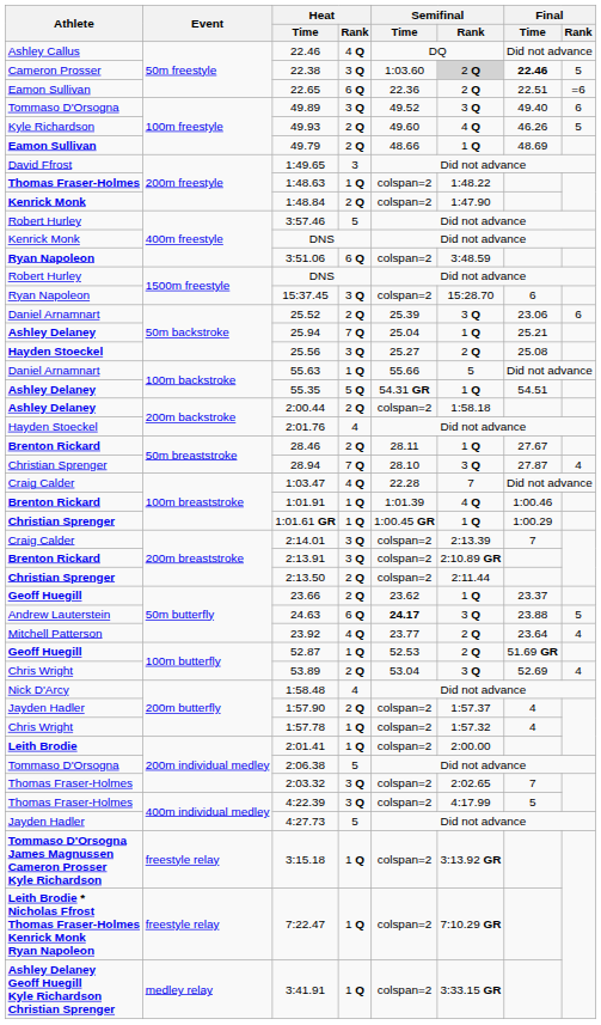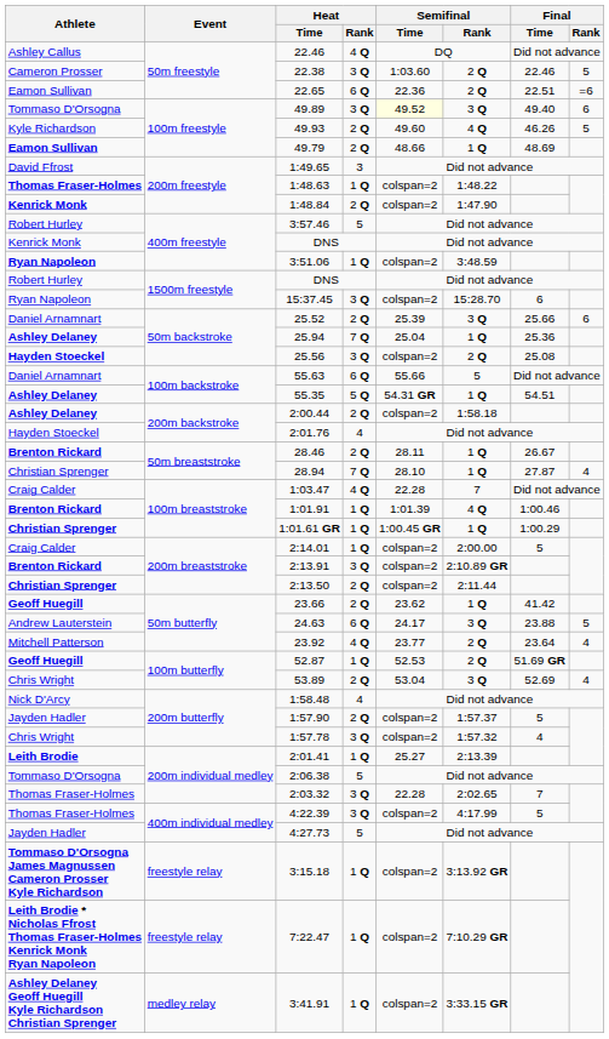 <table class=wikitable style="font-size:90%">
 <tr>
 <th rowspan="2">Athlete</th>
 <th rowspan="2">Event</th>
 <th colspan="2">Heat</th>
 <th colspan="2">Semifinal</th>
 <th colspan="2">Final</th>
 </tr>
 <tr style="font-size:95%">
 <th>Time</th>
 <th>Rank</th>
 <th>Time</th>
 <th>Rank</th>
 <th>Time</th>
 <th>Rank</th>
 </tr>
 <tr align=center>
 <td align=left><a href='#'>Ashley Callus</a></td>
 <td align=left rowspan=3><a href='#'>50m freestyle</a></td>
 <td>22.46</td>
 <td>4 <strong>Q</strong></td>
 <td colspan=2>DQ</td>
 <td colspan=2>Did not advance</td>
 </tr>
 <tr align=center>
 <td align=left><a href='#'>Cameron Prosser</a></td>
 <td>22.38</td>
 <td>3 <strong>Q</strong></td>
 <td>1:03.60</td>
-<td style="background: lightgrey;">2 <strong>Q</strong></td>
-<td><strong>22.46</strong></td>
+<td>2 <strong>Q</strong></td>
+<td>22.46</td>
 <td>5</td>
 </tr>
 <tr align=center>
 <td align=left><a href='#'>Eamon Sullivan</a></td>
 <td>22.65</td>
 <td>6 <strong>Q</strong></td>
 <td>22.36</td>
 <td>2 <strong>Q</strong></td>
 <td>22.51</td>
 <td>=6</td>
 </tr>
 <tr align=center>
 <td align=left><a href='#'>Tommaso D'Orsogna</a></td>
 <td align=left rowspan=3><a href='#'>100m freestyle</a></td>
 <td>49.89</td>
 <td>3 <strong>Q</strong></td>
-<td>49.52</td>
+<td style="background: lightyellow;">49.52</td>
 <td>3 <strong>Q</strong></td>
 <td>49.40</td>
 <td>6</td>
 </tr>
 <tr align=center>
 <td align=left><a href='#'>Kyle Richardson</a></td>
 <td>49.93</td>
 <td>2 <strong>Q</strong></td>
 <td>49.60</td>
 <td>4 <strong>Q</strong></td>
 <td>46.26</td>
 <td>5</td>
 </tr>
 <tr align=center>
 <td align=left><strong><a href='#'>Eamon Sullivan</a></strong></td>
 <td>49.79</td>
 <td>2 <strong>Q</strong></td>
 <td>48.66</td>
 <td>1 <strong>Q</strong></td>
 <td>48.69</td>
 <td></td>
 </tr>
 <tr align=center>
 <td align=left><a href='#'>David Ffrost</a></td>
 <td align=left rowspan=3><a href='#'>200m freestyle</a></td>
 <td>1:49.65</td>
 <td>3</td>
 <td colspan=4>Did not advance</td>
 </tr>
 <tr align=center>
 <td align=left><strong><a href='#'>Thomas Fraser-Holmes</a></strong></td>
 <td>1:48.63</td>
 <td>1 <strong>Q</strong></td>
 <td>colspan=2 </td>
 <td>1:48.22</td>
 <td></td>
 </tr>
 <tr align=center>
 <td align=left><strong><a href='#'>Kenrick Monk</a></strong></td>
 <td>1:48.84</td>
 <td>2 <strong>Q</strong></td>
 <td>colspan=2 </td>
 <td>1:47.90</td>
 <td></td>
 </tr>
 <tr align=center>
 <td align=left><a href='#'>Robert Hurley</a></td>
 <td align=left rowspan=3><a href='#'>400m freestyle</a></td>
 <td>3:57.46</td>
 <td>5</td>
 <td colspan=4>Did not advance</td>
 </tr>
 <tr align=center>
 <td align=left><a href='#'>Kenrick Monk</a></td>
 <td colspan=2>DNS</td>
 <td colspan=4>Did not advance</td>
 </tr>
 <tr align=center>
 <td align=left><strong><a href='#'>Ryan Napoleon</a></strong></td>
 <td>3:51.06</td>
-<td>6 <strong>Q</strong></td>
+<td>1 <strong>Q</strong></td>
 <td>colspan=2 </td>
 <td>3:48.59</td>
 <td></td>
 </tr>
 <tr align=center>
 <td align=left><a href='#'>Robert Hurley</a></td>
 <td align=left rowspan=2><a href='#'>1500m freestyle</a></td>
 <td colspan=2>DNS</td>
 <td colspan=4>Did not advance</td>
 </tr>
 <tr align=center>
 <td align=left><a href='#'>Ryan Napoleon</a></td>
 <td>15:37.45</td>
 <td>3 <strong>Q</strong></td>
 <td>colspan=2 </td>
 <td>15:28.70</td>
 <td>6</td>
 </tr>
 <tr align=center>
 <td align=left><a href='#'>Daniel Arnamnart</a></td>
 <td align=left rowspan=3><a href='#'>50m backstroke</a></td>
 <td>25.52</td>
 <td>2 <strong>Q</strong></td>
 <td>25.39</td>
 <td>3 <strong>Q</strong></td>
-<td>23.06</td>
+<td>25.66</td>
 <td>6</td>
 </tr>
 <tr align=center>
 <td align=left><strong><a href='#'>Ashley Delaney</a></strong></td>
 <td>25.94</td>
 <td>7 <strong>Q</strong></td>
 <td>25.04</td>
 <td>1 <strong>Q</strong></td>
-<td>25.21</td>
+<td>25.36</td>
 <td></td>
 </tr>
 <tr align=center>
 <td align=left><strong><a href='#'>Hayden Stoeckel</a></strong></td>
 <td>25.56</td>
 <td>3 <strong>Q</strong></td>
-<td>25.27</td>
+<td>colspan=2 </td>
 <td>2 <strong>Q</strong></td>
 <td>25.08</td>
 <td></td>
 </tr>
 <tr align=center>
 <td align=left><a href='#'>Daniel Arnamnart</a></td>
 <td align=left rowspan=2><a href='#'>100m backstroke</a></td>
 <td>55.63</td>
-<td>1 <strong>Q</strong></td>
+<td>6 <strong>Q</strong></td>
 <td>55.66</td>
 <td>5</td>
 <td colspan=2>Did not advance</td>
 </tr>
 <tr align=center>
 <td align=left><strong><a href='#'>Ashley Delaney</a></strong></td>
 <td>55.35</td>
 <td>5 <strong>Q</strong></td>
 <td>54.31 <strong>GR</strong></td>
 <td>1 <strong>Q</strong></td>
 <td>54.51</td>
 <td></td>
 </tr>
 <tr align=center>
 <td align=left><strong><a href='#'>Ashley Delaney</a></strong></td>
 <td align=left rowspan=2><a href='#'>200m backstroke</a></td>
 <td>2:00.44</td>
 <td>2 <strong>Q</strong></td>
 <td>colspan=2 </td>
 <td>1:58.18</td>
 <td></td>
 </tr>
 <tr align=center>
 <td align=left><a href='#'>Hayden Stoeckel</a></td>
 <td>2:01.76</td>
 <td>4</td>
 <td colspan=4>Did not advance</td>
 </tr>
 <tr align=center>
 <td align=left><strong><a href='#'>Brenton Rickard</a></strong></td>
 <td align=left rowspan=2><a href='#'>50m breaststroke</a></td>
 <td>28.46</td>
 <td>2 <strong>Q</strong></td>
 <td>28.11</td>
 <td>1 <strong>Q</strong></td>
-<td>27.67</td>
+<td>26.67</td>
 <td></td>
 </tr>
 <tr align=center>
 <td align=left><a href='#'>Christian Sprenger</a></td>
 <td>28.94</td>
 <td>7 <strong>Q</strong></td>
 <td>28.10</td>
-<td>3 <strong>Q</strong></td>
+<td>1 <strong>Q</strong></td>
 <td>27.87</td>
 <td>4</td>
 </tr>
 <tr align=center>
 <td align=left><a href='#'>Craig Calder</a></td>
 <td align=left rowspan=3><a href='#'>100m breaststroke</a></td>
 <td>1:03.47</td>
 <td>4 <strong>Q</strong></td>
 <td>22.28</td>
 <td>7</td>
 <td colspan=2>Did not advance</td>
 </tr>
 <tr align=center>
 <td align=left><strong><a href='#'>Brenton Rickard</a></strong></td>
 <td>1:01.91</td>
 <td>1 <strong>Q</strong></td>
 <td>1:01.39</td>
 <td>4 <strong>Q</strong></td>
 <td>1:00.46</td>
 <td></td>
 </tr>
 <tr align=center>
 <td align=left><strong><a href='#'>Christian Sprenger</a></strong></td>
 <td>1:01.61 <strong>GR</strong></td>
 <td>1 <strong>Q</strong></td>
 <td>1:00.45 <strong>GR</strong></td>
 <td>1 <strong>Q</strong></td>
 <td>1:00.29</td>
 <td></td>
 </tr>
 <tr align=center>
 <td align=left><a href='#'>Craig Calder</a></td>
 <td align=left rowspan=3><a href='#'>200m breaststroke</a></td>
 <td>2:14.01</td>
-<td>3 <strong>Q</strong></td>
+<td>1 <strong>Q</strong></td>
 <td>colspan=2 </td>
-<td>2:13.39</td>
-<td>7</td>
+<td>2:00.00</td>
+<td>5</td>
 </tr>
 <tr align=center>
 <td align=left><strong><a href='#'>Brenton Rickard</a></strong></td>
 <td>2:13.91</td>
 <td>3 <strong>Q</strong></td>
 <td>colspan=2 </td>
 <td>2:10.89 <strong>GR</strong></td>
 <td></td>
 </tr>
 <tr align=center>
 <td align=left><strong><a href='#'>Christian Sprenger</a></strong></td>
 <td>2:13.50</td>
 <td>2 <strong>Q</strong></td>
 <td>colspan=2 </td>
 <td>2:11.44</td>
 <td></td>
 </tr>
 <tr align=center>
 <td align=left><strong><a href='#'>Geoff Huegill</a></strong></td>
 <td align=left rowspan=3><a href='#'>50m butterfly</a></td>
 <td>23.66</td>
 <td>2 <strong>Q</strong></td>
 <td>23.62</td>
 <td>1 <strong>Q</strong></td>
-<td>23.37</td>
+<td>41.42</td>
 <td></td>
 </tr>
 <tr align=center>
 <td align=left><a href='#'>Andrew Lauterstein</a></td>
 <td>24.63</td>
 <td>6 <strong>Q</strong></td>
-<td><strong>24.17</strong></td>
+<td>24.17</td>
 <td>3 <strong>Q</strong></td>
 <td>23.88</td>
 <td>5</td>
 </tr>
 <tr align=center>
 <td align=left><a href='#'>Mitchell Patterson</a></td>
 <td>23.92</td>
 <td>4 <strong>Q</strong></td>
 <td>23.77</td>
 <td>2 <strong>Q</strong></td>
 <td>23.64</td>
 <td>4</td>
 </tr>
 <tr align=center>
 <td align=left><strong><a href='#'>Geoff Huegill</a></strong></td>
 <td align=left rowspan=2><a href='#'>100m butterfly</a></td>
 <td>52.87</td>
 <td>1 <strong>Q</strong></td>
 <td>52.53</td>
 <td>2 <strong>Q</strong></td>
 <td>51.69 <strong>GR</strong></td>
 <td></td>
 </tr>
 <tr align=center>
 <td align=left><a href='#'>Chris Wright</a></td>
 <td>53.89</td>
 <td>2 <strong>Q</strong></td>
 <td>53.04</td>
 <td>3 <strong>Q</strong></td>
 <td>52.69</td>
 <td>4</td>
 </tr>
 <tr align=center>
 <td align=left><a href='#'>Nick D'Arcy</a></td>
 <td align=left rowspan=3><a href='#'>200m butterfly</a></td>
 <td>1:58.48</td>
 <td>4</td>
 <td colspan=4>Did not advance</td>
 </tr>
 <tr align=center>
 <td align=left><a href='#'>Jayden Hadler</a></td>
 <td>1:57.90</td>
 <td>2 <strong>Q</strong></td>
 <td>colspan=2 </td>
 <td>1:57.37</td>
-<td>4</td>
+<td>5</td>
 </tr>
 <tr align=center>
 <td align=left><a href='#'>Chris Wright</a></td>
 <td>1:57.78</td>
-<td>1 <strong>Q</strong></td>
+<td>3 <strong>Q</strong></td>
 <td>colspan=2 </td>
 <td>1:57.32</td>
 <td>4</td>
 </tr>
 <tr align=center>
 <td align=left><strong><a href='#'>Leith Brodie</a></strong></td>
 <td align=left rowspan=3><a href='#'>200m individual medley</a></td>
 <td>2:01.41</td>
 <td>1 <strong>Q</strong></td>
-<td>colspan=2 </td>
-<td>2:00.00</td>
+<td>25.27</td>
+<td>2:13.39</td>
 <td></td>
 </tr>
 <tr align=center>
 <td align=left><a href='#'>Tommaso D'Orsogna</a></td>
 <td>2:06.38</td>
 <td>5</td>
 <td colspan=4>Did not advance</td>
 </tr>
 <tr align=center>
 <td align=left><a href='#'>Thomas Fraser-Holmes</a></td>
 <td>2:03.32</td>
 <td>3 <strong>Q</strong></td>
-<td>colspan=2 </td>
+<td>22.28</td>
 <td>2:02.65</td>
 <td>7</td>
 </tr>
 <tr align=center>
 <td align=left><a href='#'>Thomas Fraser-Holmes</a></td>
 <td align=left rowspan=2><a href='#'>400m individual medley</a></td>
 <td>4:22.39</td>
 <td>3 <strong>Q</strong></td>
 <td>colspan=2 </td>
 <td>4:17.99</td>
 <td>5</td>
 </tr>
 <tr align=center>
 <td align=left><a href='#'>Jayden Hadler</a></td>
 <td>4:27.73</td>
 <td>5</td>
 <td colspan=4>Did not advance</td>
 </tr>
 <tr align=center>
 <td align=left><strong><a href='#'>Tommaso D'Orsogna</a><br><a href='#'>James Magnussen</a><br><a href='#'>Cameron Prosser</a><br><a href='#'>Kyle Richardson</a></strong></td>
 <td align=left><a href='#'> freestyle relay</a></td>
 <td>3:15.18</td>
 <td>1 <strong>Q</strong></td>
 <td>colspan=2 </td>
 <td>3:13.92 <strong>GR</strong></td>
 <td></td>
 </tr>
 <tr align=center>
 <td align=left><strong><a href='#'>Leith Brodie</a> * <br><a href='#'>Nicholas Ffrost</a><br><a href='#'>Thomas Fraser-Holmes</a><br><a href='#'>Kenrick Monk</a><br><a href='#'>Ryan Napoleon</a></strong></td>
 <td align=left><a href='#'> freestyle relay</a></td>
 <td>7:22.47</td>
 <td>1 <strong>Q</strong></td>
 <td>colspan=2 </td>
 <td>7:10.29 <strong>GR</strong></td>
 <td></td>
 </tr>
 <tr align=center>
 <td align=left><strong><a href='#'>Ashley Delaney</a><br><a href='#'>Geoff Huegill</a><br><a href='#'>Kyle Richardson</a><br><a href='#'>Christian Sprenger</a></strong></td>
 <td align=left><a href='#'> medley relay</a></td>
 <td>3:41.91</td>
 <td>1 <strong>Q</strong></td>
 <td>colspan=2 </td>
 <td>3:33.15 <strong>GR</strong></td>
 <td></td>
 </tr>
 </table>
